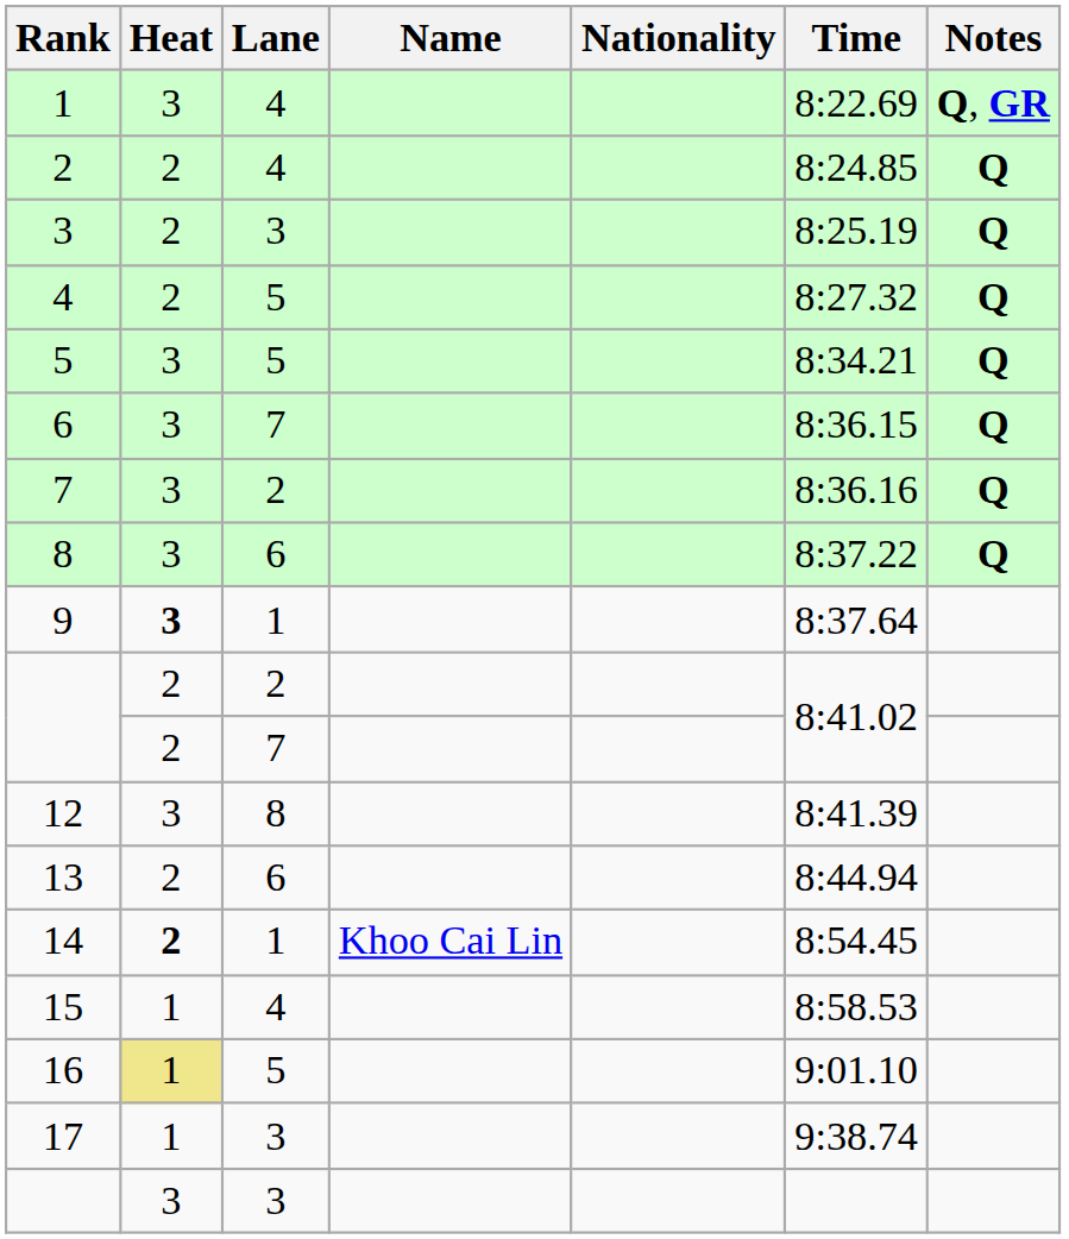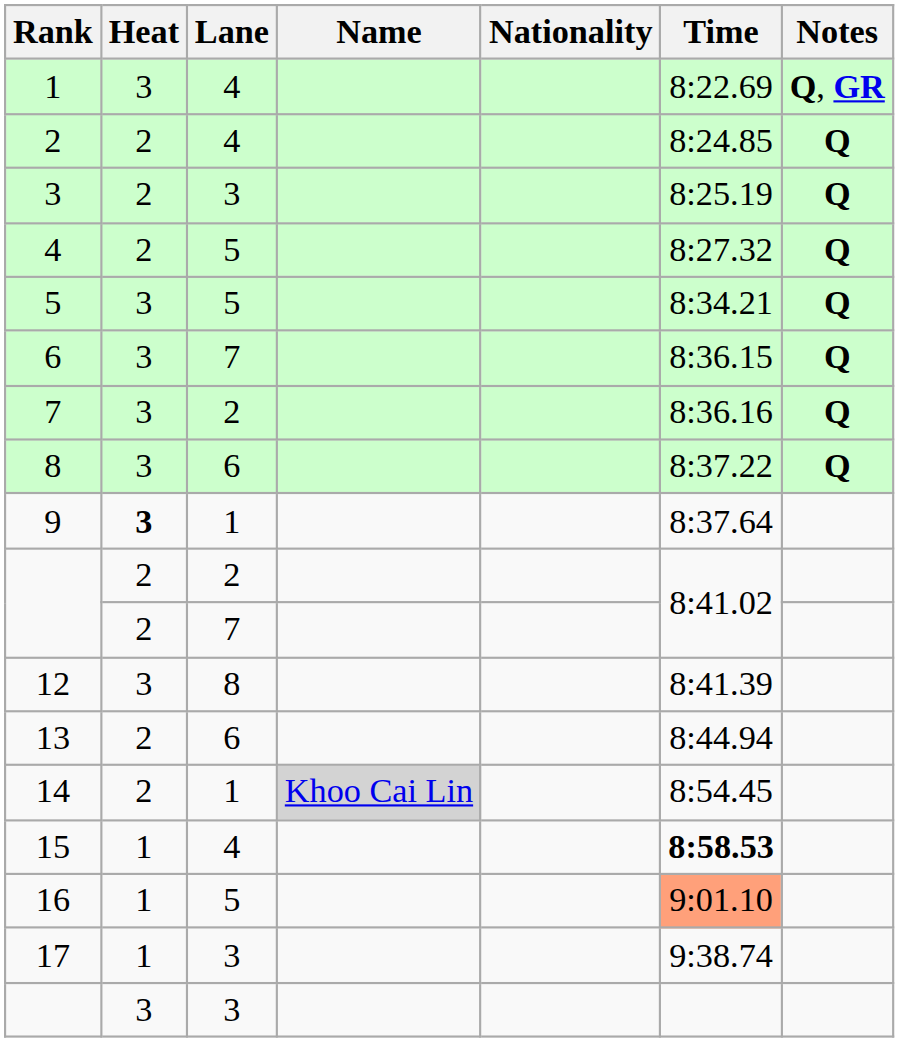 <table class="wikitable sortable" style="text-align:center">
 <tr>
 <th>Rank</th>
 <th>Heat</th>
 <th>Lane</th>
 <th>Name</th>
 <th>Nationality</th>
 <th>Time</th>
 <th>Notes</th>
 </tr>
 <tr bgcolor=ccffcc>
 <td>1</td>
 <td>3</td>
 <td>4</td>
 <td align=left></td>
 <td align=left></td>
 <td>8:22.69</td>
 <td><strong>Q</strong>, <strong><a href='#'>GR</a></strong></td>
 </tr>
 <tr bgcolor=ccffcc>
 <td>2</td>
 <td>2</td>
 <td>4</td>
 <td align=left></td>
 <td align=left></td>
 <td>8:24.85</td>
 <td><strong>Q</strong></td>
 </tr>
 <tr bgcolor=ccffcc>
 <td>3</td>
 <td>2</td>
 <td>3</td>
 <td align=left></td>
 <td align=left></td>
 <td>8:25.19</td>
 <td><strong>Q</strong></td>
 </tr>
 <tr bgcolor=ccffcc>
 <td>4</td>
 <td>2</td>
 <td>5</td>
 <td align=left></td>
 <td align=left></td>
 <td>8:27.32</td>
 <td><strong>Q</strong></td>
 </tr>
 <tr bgcolor=ccffcc>
 <td>5</td>
 <td>3</td>
 <td>5</td>
 <td align=left></td>
 <td align=left></td>
 <td>8:34.21</td>
 <td><strong>Q</strong></td>
 </tr>
 <tr bgcolor=ccffcc>
 <td>6</td>
 <td>3</td>
 <td>7</td>
 <td align=left></td>
 <td align=left></td>
 <td>8:36.15</td>
 <td><strong>Q</strong></td>
 </tr>
 <tr bgcolor=ccffcc>
 <td>7</td>
 <td>3</td>
 <td>2</td>
 <td align=left></td>
 <td align=left></td>
 <td>8:36.16</td>
 <td><strong>Q</strong></td>
 </tr>
 <tr bgcolor=ccffcc>
 <td>8</td>
 <td>3</td>
 <td>6</td>
 <td align=left></td>
 <td align=left></td>
 <td>8:37.22</td>
 <td><strong>Q</strong></td>
 </tr>
 <tr>
 <td>9</td>
 <td><strong>3</strong></td>
 <td>1</td>
 <td align=left></td>
 <td align=left></td>
 <td>8:37.64</td>
 <td></td>
 </tr>
 <tr>
 <td rowspan=2></td>
 <td>2</td>
 <td>2</td>
 <td align=left></td>
 <td align=left></td>
 <td rowspan=2>8:41.02</td>
 <td></td>
 </tr>
 <tr>
 <td>2</td>
 <td>7</td>
 <td align=left></td>
 <td align=left></td>
 <td></td>
 </tr>
 <tr>
 <td>12</td>
 <td>3</td>
 <td>8</td>
 <td align=left></td>
 <td align=left></td>
 <td>8:41.39</td>
 <td></td>
 </tr>
 <tr>
 <td>13</td>
 <td>2</td>
 <td>6</td>
 <td align=left></td>
 <td align=left></td>
 <td>8:44.94</td>
 <td></td>
 </tr>
 <tr>
 <td>14</td>
-<td><strong>2</strong></td>
+<td>2</td>
 <td>1</td>
-<td align=left><a href='#'>Khoo Cai Lin</a></td>
+<td align=left style="background: lightgrey;"><a href='#'>Khoo Cai Lin</a></td>
 <td align=left></td>
 <td>8:54.45</td>
 <td></td>
 </tr>
 <tr>
 <td>15</td>
 <td>1</td>
 <td>4</td>
 <td align=left></td>
 <td align=left></td>
-<td>8:58.53</td>
+<td><strong>8:58.53</strong></td>
 <td></td>
 </tr>
 <tr>
 <td>16</td>
-<td style="background: khaki;">1</td>
+<td>1</td>
 <td>5</td>
 <td align=left></td>
 <td align=left></td>
-<td>9:01.10</td>
+<td style="background: lightsalmon;">9:01.10</td>
 <td></td>
 </tr>
 <tr>
 <td>17</td>
 <td>1</td>
 <td>3</td>
 <td align=left></td>
 <td align=left></td>
 <td>9:38.74</td>
 <td></td>
 </tr>
 <tr>
 <td></td>
 <td>3</td>
 <td>3</td>
 <td align=left></td>
 <td align=left></td>
 <td></td>
 <td></td>
 </tr>
 </table>
